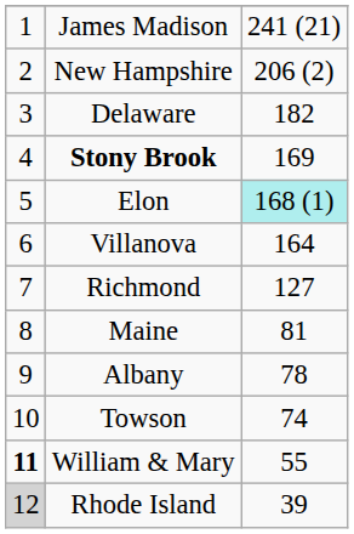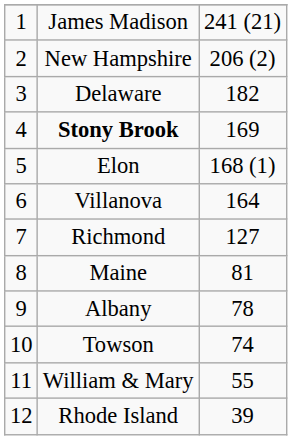 <table class="wikitable">
 <tr align="center">
 </tr>
 <tr align="center">
 <td>1</td>
 <td>James Madison</td>
 <td>241 (21)</td>
 </tr>
 <tr align="center">
 <td>2</td>
 <td>New Hampshire</td>
 <td>206 (2)</td>
 </tr>
 <tr align="center">
 <td>3</td>
 <td>Delaware</td>
 <td>182</td>
 </tr>
 <tr align="center">
 <td>4</td>
 <td><strong>Stony Brook</strong></td>
 <td>169</td>
 </tr>
 <tr align="center">
 <td>5</td>
 <td>Elon</td>
-<td style="background: paleturquoise;">168 (1)</td>
+<td>168 (1)</td>
 </tr>
 <tr align="center">
 <td>6</td>
 <td>Villanova</td>
 <td>164</td>
 </tr>
 <tr align="center">
 <td>7</td>
 <td>Richmond</td>
 <td>127</td>
 </tr>
 <tr align="center">
 <td>8</td>
 <td>Maine</td>
 <td>81</td>
 </tr>
 <tr align="center">
 <td>9</td>
 <td>Albany</td>
 <td>78</td>
 </tr>
 <tr align="center">
 <td>10</td>
 <td>Towson</td>
 <td>74</td>
 </tr>
 <tr align="center">
-<td><strong>11</strong></td>
+<td>11</td>
 <td>William & Mary</td>
 <td>55</td>
 </tr>
 <tr align="center">
-<td style="background: lightgrey;">12</td>
+<td>12</td>
 <td>Rhode Island</td>
 <td>39</td>
 </tr>
 </table>
